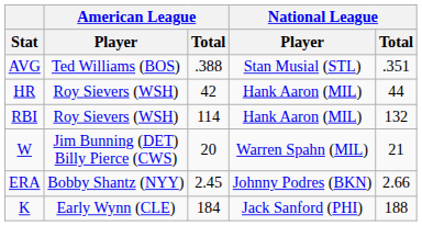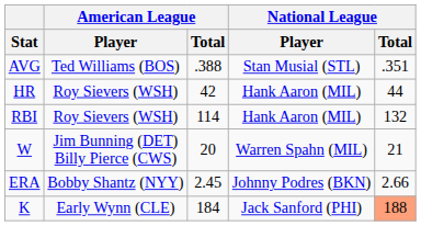 <table class="wikitable" style="text-align:center;">
 <tr>
 <th></th>
 <th colspan="2"><a href='#'>American League</a></th>
 <th colspan="2"><a href='#'>National League</a></th>
 </tr>
 <tr>
 <th>Stat</th>
 <th>Player</th>
 <th>Total</th>
 <th>Player</th>
 <th>Total</th>
 </tr>
 <tr>
 <td><a href='#'>AVG</a></td>
 <td><a href='#'>Ted Williams</a> (<a href='#'>BOS</a>)</td>
 <td>.388</td>
 <td><a href='#'>Stan Musial</a> (<a href='#'>STL</a>)</td>
 <td>.351</td>
 </tr>
 <tr>
 <td><a href='#'>HR</a></td>
 <td><a href='#'>Roy Sievers</a> (<a href='#'>WSH</a>)</td>
 <td>42</td>
 <td><a href='#'>Hank Aaron</a> (<a href='#'>MIL</a>)</td>
 <td>44</td>
 </tr>
 <tr>
 <td><a href='#'>RBI</a></td>
 <td><a href='#'>Roy Sievers</a> (<a href='#'>WSH</a>)</td>
 <td>114</td>
 <td><a href='#'>Hank Aaron</a> (<a href='#'>MIL</a>)</td>
 <td>132</td>
 </tr>
 <tr>
 <td><a href='#'>W</a></td>
 <td><a href='#'>Jim Bunning</a> (<a href='#'>DET</a>)<br><a href='#'>Billy Pierce</a> (<a href='#'>CWS</a>)</td>
 <td>20</td>
 <td><a href='#'>Warren Spahn</a> (<a href='#'>MIL</a>)</td>
 <td>21</td>
 </tr>
 <tr>
 <td><a href='#'>ERA</a></td>
 <td><a href='#'>Bobby Shantz</a> (<a href='#'>NYY</a>)</td>
 <td>2.45</td>
 <td><a href='#'>Johnny Podres</a> (<a href='#'>BKN</a>)</td>
 <td>2.66</td>
 </tr>
 <tr>
 <td><a href='#'>K</a></td>
 <td><a href='#'>Early Wynn</a> (<a href='#'>CLE</a>)</td>
 <td>184</td>
 <td><a href='#'>Jack Sanford</a> (<a href='#'>PHI</a>)</td>
-<td>188</td>
+<td style="background: lightsalmon;">188</td>
 </tr>
 </table>
